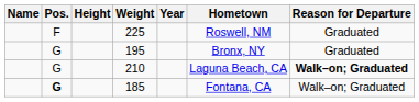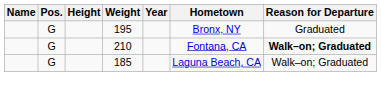 <table class="wikitable sortable sortable" style="text-align: center">
 <tr align=center>
 <th>Name</th>
 <th>Pos.</th>
 <th>Height</th>
 <th>Weight</th>
 <th>Year</th>
 <th>Hometown</th>
 <th>Reason for Departure</th>
-</tr>
-<tr>
-<td></td>
-<td>F</td>
-<td></td>
-<td>225</td>
-<td></td>
-<td><a href='#'>Roswell, NM</a></td>
-<td>Graduated</td>
 </tr>
 <tr>
 <td></td>
 <td>G</td>
 <td></td>
 <td>195</td>
 <td></td>
 <td><a href='#'>Bronx, NY</a></td>
 <td>Graduated</td>
 </tr>
 <tr>
 <td></td>
 <td>G</td>
 <td></td>
 <td>210</td>
 <td></td>
-<td><a href='#'>Laguna Beach, CA</a></td>
+<td><a href='#'>Fontana, CA</a></td>
 <td><strong>Walk–on; Graduated</strong></td>
 </tr>
 <tr>
 <td></td>
-<td><strong>G</strong></td>
+<td>G</td>
 <td></td>
 <td>185</td>
 <td></td>
-<td><a href='#'>Fontana, CA</a></td>
+<td><a href='#'>Laguna Beach, CA</a></td>
 <td>Walk–on; Graduated</td>
 </tr>
 </table>
